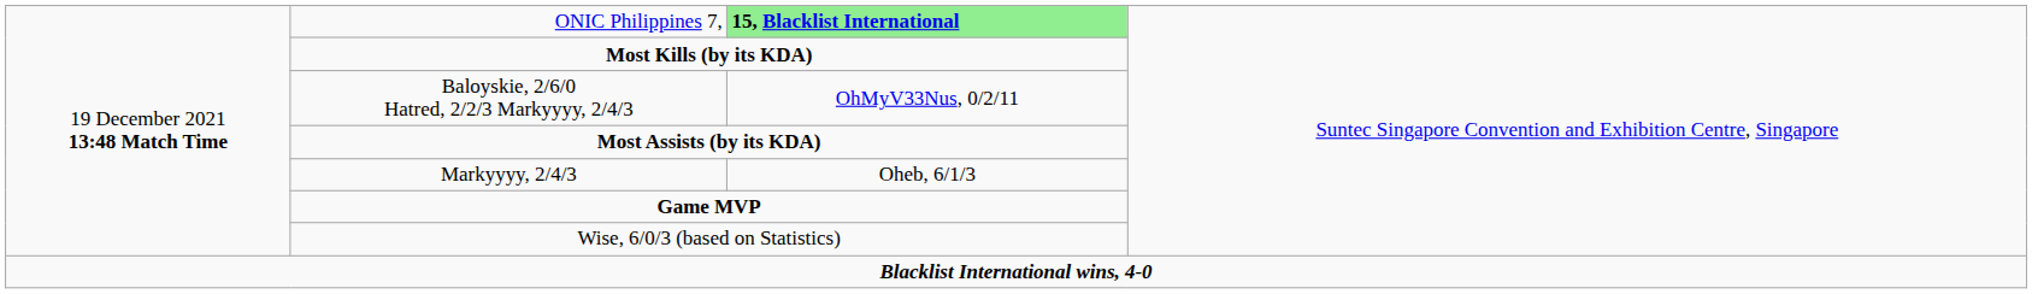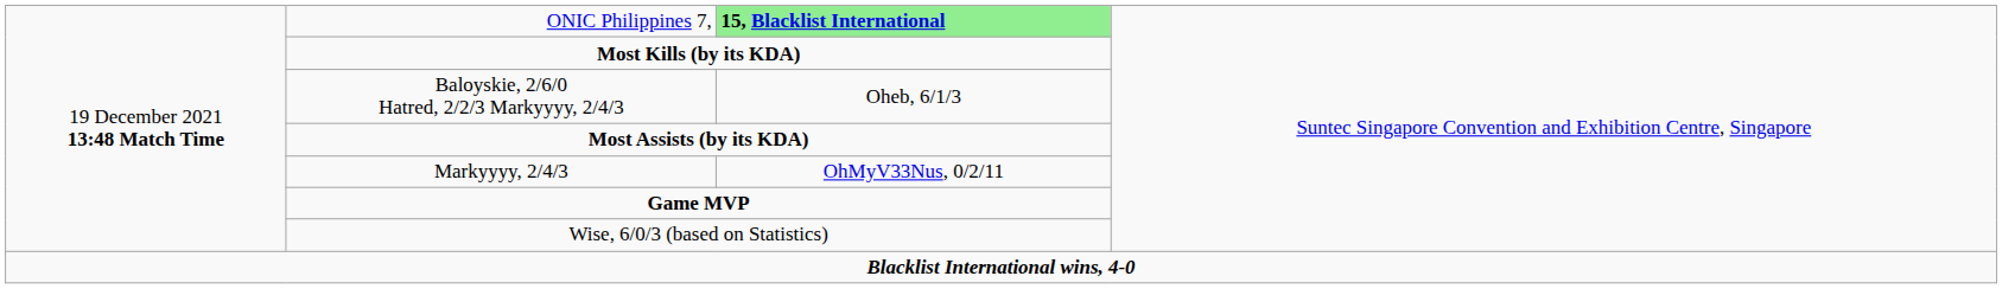 <table class="wikitable" style="text-align: center; width: 100%; margin-left: auto; margin-right: auto; border: none;">
 <tr>
 <td rowspan="7">19 December 2021<br><strong>13:48 Match Time</strong></td>
 <td align="right"> <a href='#'>ONIC Philippines</a> 7,</td>
 <td bgcolor="#90EE90" align="left"><strong>15, <a href='#'>Blacklist International</a></strong> </td>
 <td rowspan="7"><a href='#'>Suntec Singapore Convention and Exhibition Centre</a>, <a href='#'>Singapore</a></td>
 </tr>
 <tr>
 <td colspan="2"><strong>Most Kills (by its KDA)</strong></td>
 </tr>
 <tr>
 <td>Baloyskie, 2/6/0<br>Hatred, 2/2/3 Markyyyy, 2/4/3</td>
-<td><a href='#'>OhMyV33Nus</a>, 0/2/11</td>
+<td>Oheb, 6/1/3</td>
 </tr>
 <tr>
 <td colspan="2"><strong>Most Assists (by its KDA)</strong></td>
 </tr>
 <tr>
 <td>Markyyyy, 2/4/3</td>
-<td>Oheb, 6/1/3</td>
+<td><a href='#'>OhMyV33Nus</a>, 0/2/11</td>
 </tr>
 <tr>
 <td colspan="2"><strong>Game MVP</strong></td>
 </tr>
 <tr>
 <td colspan="2">Wise, 6/0/3 (based on Statistics)</td>
 </tr>
 <tr>
 <td colspan="4"><strong><em>Blacklist International wins, 4-0</em></strong></td>
 </tr>
 </table>
